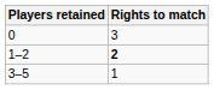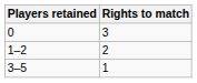 <table class=wikitable style="margin:0; font-size:90%">
 <tr>
 <th>Players retained</th>
 <th>Rights to match</th>
 </tr>
 <tr>
 <td>0</td>
 <td>3</td>
 </tr>
 <tr>
 <td>1–2</td>
-<td><strong>2</strong></td>
+<td>2</td>
 </tr>
 <tr>
 <td>3–5</td>
 <td>1</td>
 </tr>
 </table>
